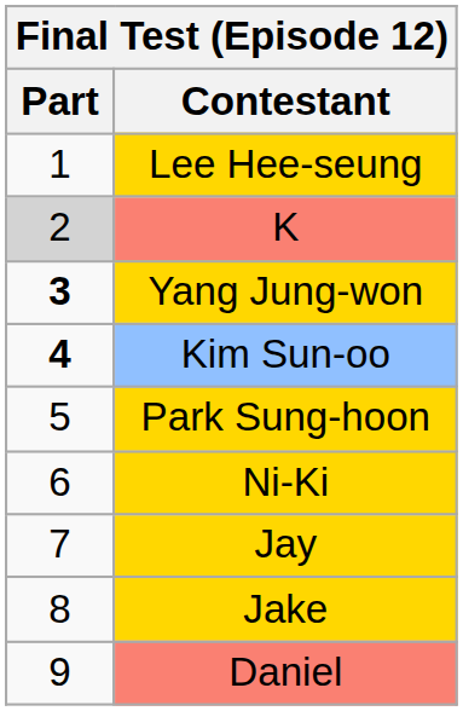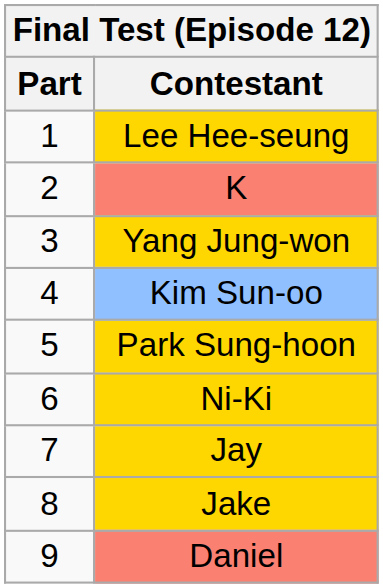 <table class="wikitable" style="text-align:center">
 <tr>
 <th colspan="2">Final Test (Episode 12)</th>
 </tr>
 <tr>
 <th>Part</th>
 <th>Contestant</th>
 </tr>
 <tr>
 <td>1</td>
 <td style="background:gold;">Lee Hee-seung</td>
 </tr>
 <tr>
-<td style="background: lightgrey;">2</td>
+<td>2</td>
 <td style="background:salmon;">K</td>
 </tr>
 <tr>
-<td><strong>3</strong></td>
+<td>3</td>
 <td style="background:gold;">Yang Jung-won</td>
 </tr>
 <tr>
-<td><strong>4</strong></td>
+<td>4</td>
 <td style="background:#90C0FF;">Kim Sun-oo</td>
 </tr>
 <tr>
 <td>5</td>
 <td style="background:gold;">Park Sung-hoon</td>
 </tr>
 <tr>
 <td>6</td>
 <td style="background:gold;">Ni-Ki</td>
 </tr>
 <tr>
 <td>7</td>
 <td style="background:gold;">Jay</td>
 </tr>
 <tr>
 <td>8</td>
 <td style="background:gold;">Jake</td>
 </tr>
 <tr>
 <td>9</td>
 <td style="background:salmon;">Daniel</td>
 </tr>
 </table>
